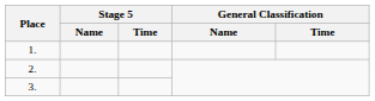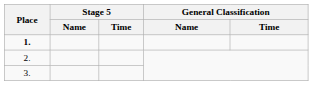 <table class=wikitable style="font-size:95%" width="80%">
 <tr>
 <th rowspan="2">Place</th>
 <th colspan="2">Stage 5</th>
 <th colspan="2">General Classification</th>
 </tr>
 <tr>
 <th>Name</th>
 <th>Time</th>
 <th>Name</th>
 <th>Time</th>
 </tr>
 <tr>
-<td align="center">1.</td>
+<td align="center"><strong>1.</strong></td>
 <td></td>
 <td></td>
 <td></td>
 <td></td>
 </tr>
 <tr>
 <td align="center">2.</td>
 <td></td>
 <td></td>
 </tr>
 <tr>
 <td align="center">3.</td>
 <td></td>
 <td></td>
 </tr>
 </table>
